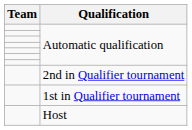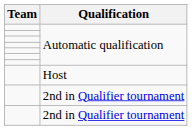 <table class="wikitable sortable">
 <tr>
 <th>Team</th>
 <th>Qualification</th>
 </tr>
 <tr>
 <td></td>
 <td rowspan=7>Automatic qualification</td>
 </tr>
 <tr>
 <td></td>
 </tr>
 <tr>
 <td></td>
 </tr>
 <tr>
 <td></td>
 </tr>
 <tr>
 <td></td>
 </tr>
 <tr>
 <td></td>
 </tr>
 <tr>
 <td></td>
 </tr>
 <tr>
 <td></td>
+<td>Host</td>
+</tr>
+<tr>
+<td></td>
 <td>2nd in <a href='#'>Qualifier tournament</a></td>
 </tr>
 <tr>
 <td></td>
-<td>1st in <a href='#'>Qualifier tournament</a></td>
-</tr>
-<tr>
-<td></td>
-<td>Host</td>
+<td>2nd in <a href='#'>Qualifier tournament</a></td>
 </tr>
 </table>
